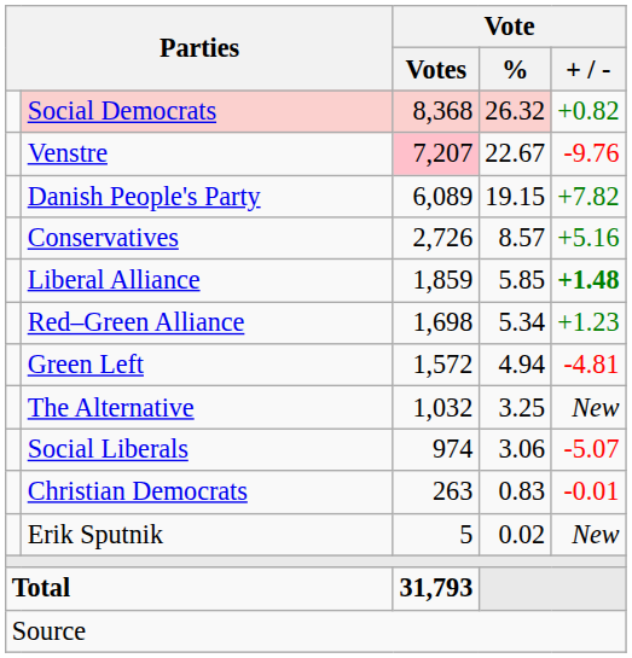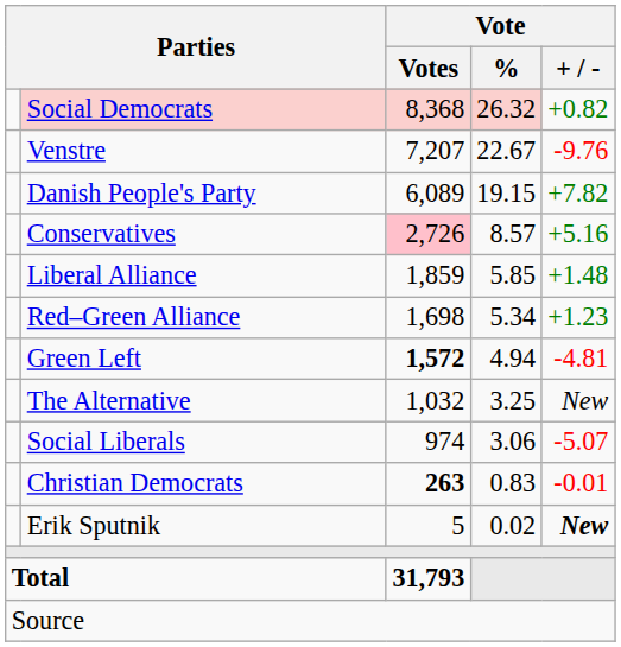 <table class="wikitable" style="text-align:right;">
 <tr>
 <th style="text-align:centre;" rowspan="2" colspan="2" width="225">Parties</th>
 <th colspan="3">Vote</th>
 </tr>
 <tr>
 <th width="15">Votes</th>
 <th width="15">%</th>
 <th width="15">+ / -</th>
 </tr>
 <tr>
 <td width="2" style="color:inherit;background:"></td>
 <td bgcolor=#fbd0ce  align="left"><a href='#'>Social Democrats</a></td>
 <td bgcolor=#fbd0ce>8,368</td>
 <td bgcolor=#fbd0ce>26.32</td>
 <td style=color:green;>+0.82</td>
 </tr>
 <tr>
 <td width="2" style="color:inherit;background:"></td>
 <td align="left"><a href='#'>Venstre</a></td>
-<td style="background: pink;">7,207</td>
+<td>7,207</td>
 <td>22.67</td>
 <td style=color:red;>-9.76</td>
 </tr>
 <tr>
 <td width="2" style="color:inherit;background:"></td>
 <td align="left"><a href='#'>Danish People's Party</a></td>
 <td>6,089</td>
 <td>19.15</td>
 <td style=color:green;>+7.82</td>
 </tr>
 <tr>
 <td width="2" style="color:inherit;background:"></td>
 <td align="left"><a href='#'>Conservatives</a></td>
-<td>2,726</td>
+<td style="background: pink;">2,726</td>
 <td>8.57</td>
 <td style=color:green;>+5.16</td>
 </tr>
 <tr>
 <td width="2" style="color:inherit;background:"></td>
 <td align="left"><a href='#'>Liberal Alliance</a></td>
 <td>1,859</td>
 <td>5.85</td>
-<td style=color:green;><strong>+1.48</strong></td>
+<td style=color:green;>+1.48</td>
 </tr>
 <tr>
 <td width="2" style="color:inherit;background:"></td>
 <td align="left"><a href='#'>Red–Green Alliance</a></td>
 <td>1,698</td>
 <td>5.34</td>
 <td style=color:green;>+1.23</td>
 </tr>
 <tr>
 <td width="2" style="color:inherit;background:"></td>
 <td align="left"><a href='#'>Green Left</a></td>
-<td>1,572</td>
+<td><strong>1,572</strong></td>
 <td>4.94</td>
 <td style=color:red;>-4.81</td>
 </tr>
 <tr>
 <td width="2" style="color:inherit;background:"></td>
 <td align="left"><a href='#'>The Alternative</a></td>
 <td>1,032</td>
 <td>3.25</td>
 <td><em>New</em></td>
 </tr>
 <tr>
 <td width="2" style="color:inherit;background:"></td>
 <td align="left"><a href='#'>Social Liberals</a></td>
 <td>974</td>
 <td>3.06</td>
 <td style=color:red;>-5.07</td>
 </tr>
 <tr>
 <td width="2" style="color:inherit;background:"></td>
 <td align="left"><a href='#'>Christian Democrats</a></td>
-<td>263</td>
+<td><strong>263</strong></td>
 <td>0.83</td>
 <td style=color:red;>-0.01</td>
 </tr>
 <tr>
 <td width="2" style="color:inherit;background:"></td>
 <td align="left">Erik Sputnik</td>
 <td>5</td>
 <td>0.02</td>
-<td><em>New</em></td>
+<td><strong><em>New</em></strong></td>
 </tr>
 <tr>
 <td colspan="7" bgcolor="#E9E9E9"></td>
 </tr>
 <tr>
 <td align="left" colspan="2"><strong>Total</strong></td>
 <td><strong>31,793</strong></td>
 <td bgcolor="#E9E9E9" colspan="2"></td>
 </tr>
 <tr>
 <td align="left" colspan="6">Source</td>
 </tr>
 </table>
